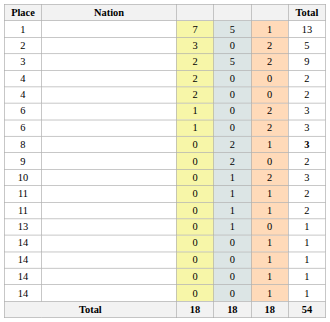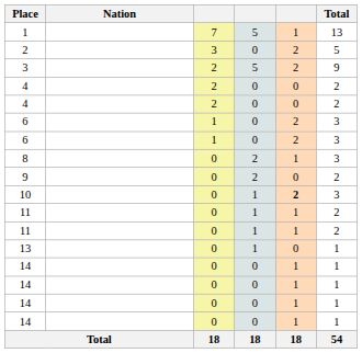 <table class="wikitable" style="border:1px solid #AAAAAA">
 <tr bgcolor="#EFEFEF">
 <th width=50>Place</th>
 <th width=200>Nation</th>
 <th width=50></th>
 <th width=50></th>
 <th width=50></th>
 <th width=50>Total</th>
 </tr>
 <tr align=center bgcolor="#FFFFFF">
 <td>1</td>
 <td align="left"></td>
 <td style="background:#F7F6A8;">7</td>
 <td style="background:#DCE5E5;">5</td>
 <td style="background:#FFDAB9;">1</td>
 <td>13</td>
 </tr>
 <tr align=center bgcolor="#FFFFFF">
 <td>2</td>
 <td align="left"></td>
 <td style="background:#F7F6A8;">3</td>
 <td style="background:#DCE5E5;">0</td>
 <td style="background:#FFDAB9;">2</td>
 <td>5</td>
 </tr>
 <tr align=center bgcolor="#FFFFFF">
 <td>3</td>
 <td align="left"></td>
 <td style="background:#F7F6A8;">2</td>
 <td style="background:#DCE5E5;">5</td>
 <td style="background:#FFDAB9;">2</td>
 <td>9</td>
 </tr>
 <tr align=center bgcolor="#FFFFFF">
 <td>4</td>
 <td align="left"></td>
 <td style="background:#F7F6A8;">2</td>
 <td style="background:#DCE5E5;">0</td>
 <td style="background:#FFDAB9;">0</td>
 <td>2</td>
 </tr>
 <tr align=center bgcolor="#FFFFFF">
 <td>4</td>
 <td align="left"></td>
 <td style="background:#F7F6A8;">2</td>
 <td style="background:#DCE5E5;">0</td>
 <td style="background:#FFDAB9;">0</td>
 <td>2</td>
 </tr>
 <tr align=center bgcolor="#FFFFFF">
 <td>6</td>
 <td align="left"></td>
 <td style="background:#F7F6A8;">1</td>
 <td style="background:#DCE5E5;">0</td>
 <td style="background:#FFDAB9;">2</td>
 <td>3</td>
 </tr>
 <tr align=center bgcolor="#FFFFFF">
 <td>6</td>
 <td align="left"></td>
 <td style="background:#F7F6A8;">1</td>
 <td style="background:#DCE5E5;">0</td>
 <td style="background:#FFDAB9;">2</td>
 <td>3</td>
 </tr>
 <tr align=center bgcolor="#FFFFFF">
 <td>8</td>
 <td align="left"></td>
 <td style="background:#F7F6A8;">0</td>
 <td style="background:#DCE5E5;">2</td>
 <td style="background:#FFDAB9;">1</td>
-<td><strong>3</strong></td>
+<td>3</td>
 </tr>
 <tr align=center bgcolor="#FFFFFF">
 <td>9</td>
 <td align="left"></td>
 <td style="background:#F7F6A8;">0</td>
 <td style="background:#DCE5E5;">2</td>
 <td style="background:#FFDAB9;">0</td>
 <td>2</td>
 </tr>
 <tr align=center bgcolor="#FFFFFF">
 <td>10</td>
 <td align="left"></td>
 <td style="background:#F7F6A8;">0</td>
 <td style="background:#DCE5E5;">1</td>
-<td style="background:#FFDAB9;">2</td>
+<td style="background:#FFDAB9;"><strong>2</strong></td>
 <td>3</td>
 </tr>
 <tr align=center bgcolor="#FFFFFF">
 <td>11</td>
 <td align="left"></td>
 <td style="background:#F7F6A8;">0</td>
 <td style="background:#DCE5E5;">1</td>
 <td style="background:#FFDAB9;">1</td>
 <td>2</td>
 </tr>
 <tr align=center bgcolor="#FFFFFF">
 <td>11</td>
 <td align="left"></td>
 <td style="background:#F7F6A8;">0</td>
 <td style="background:#DCE5E5;">1</td>
 <td style="background:#FFDAB9;">1</td>
 <td>2</td>
 </tr>
 <tr align=center bgcolor="#FFFFFF">
 <td>13</td>
 <td align="left"></td>
 <td style="background:#F7F6A8;">0</td>
 <td style="background:#DCE5E5;">1</td>
 <td style="background:#FFDAB9;">0</td>
 <td>1</td>
 </tr>
 <tr align=center bgcolor="#FFFFFF">
 <td>14</td>
 <td align="left"></td>
 <td style="background:#F7F6A8;">0</td>
 <td style="background:#DCE5E5;">0</td>
 <td style="background:#FFDAB9;">1</td>
 <td>1</td>
 </tr>
 <tr align=center bgcolor="#FFFFFF">
 <td>14</td>
 <td align="left"></td>
 <td style="background:#F7F6A8;">0</td>
 <td style="background:#DCE5E5;">0</td>
 <td style="background:#FFDAB9;">1</td>
 <td>1</td>
 </tr>
 <tr align=center bgcolor="#FFFFFF">
 <td>14</td>
 <td align="left"></td>
 <td style="background:#F7F6A8;">0</td>
 <td style="background:#DCE5E5;">0</td>
 <td style="background:#FFDAB9;">1</td>
 <td>1</td>
 </tr>
 <tr align=center bgcolor="#FFFFFF">
 <td>14</td>
 <td align="left"></td>
 <td style="background:#F7F6A8;">0</td>
 <td style="background:#DCE5E5;">0</td>
 <td style="background:#FFDAB9;">1</td>
 <td>1</td>
 </tr>
 <tr bgcolor="#EFEFEF">
 <th colspan=2>Total</th>
 <th>18</th>
 <th>18</th>
 <th>18</th>
 <th>54</th>
 </tr>
 </table>
